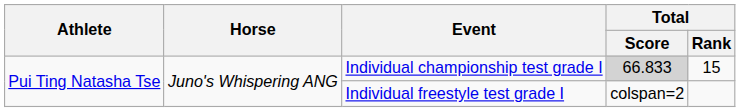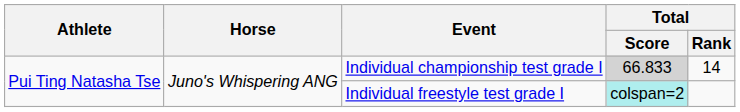 <table class=wikitable style="font-size:90%">
 <tr>
 <th rowspan="2">Athlete</th>
 <th rowspan="2">Horse</th>
 <th rowspan="2">Event</th>
 <th colspan="2">Total</th>
 </tr>
 <tr>
 <th>Score</th>
 <th>Rank</th>
 </tr>
 <tr>
 <td rowspan="2"><a href='#'>Pui Ting Natasha Tse</a></td>
 <td rowspan="2"><em>Juno's Whispering ANG</em></td>
 <td><a href='#'>Individual championship test grade I</a></td>
 <td style="background: lightgrey; text-align:center">66.833</td>
-<td style="text-align:center">15</td>
+<td style="text-align:center">14</td>
 </tr>
 <tr>
 <td><a href='#'>Individual freestyle test grade I</a></td>
-<td>colspan=2 </td>
+<td style="background: paleturquoise;">colspan=2 </td>
 </tr>
 </table>
